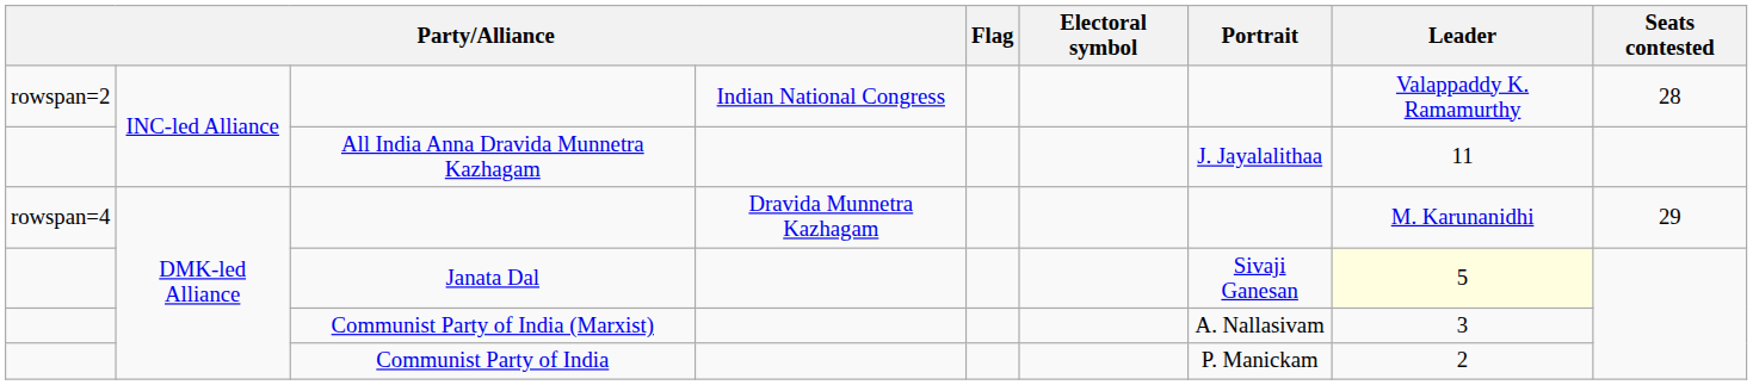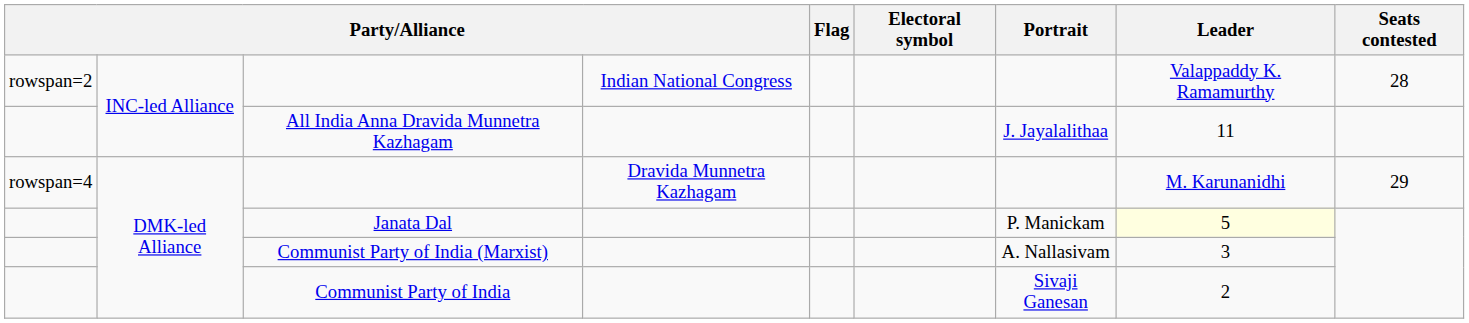 <table class="wikitable sortable" style="text-align:center;">
 <tr>
 <th colspan=4>Party/Alliance</th>
 <th>Flag</th>
 <th>Electoral symbol</th>
 <th>Portrait</th>
 <th>Leader</th>
 <th>Seats contested</th>
 </tr>
 <tr>
 <td>rowspan=2 </td>
 <td rowspan=2><a href='#'>INC-led Alliance</a></td>
 <td></td>
 <td><a href='#'>Indian National Congress</a></td>
 <td></td>
 <td></td>
 <td></td>
 <td><a href='#'>Valappaddy K. Ramamurthy</a></td>
 <td>28</td>
 </tr>
 <tr>
 <td></td>
 <td><a href='#'>All India Anna Dravida Munnetra Kazhagam</a></td>
 <td></td>
 <td></td>
 <td></td>
 <td><a href='#'>J. Jayalalithaa</a></td>
 <td>11</td>
 </tr>
 <tr>
 <td>rowspan=4 </td>
 <td rowspan=4><a href='#'>DMK-led Alliance</a></td>
 <td></td>
 <td><a href='#'>Dravida Munnetra Kazhagam</a></td>
 <td></td>
 <td></td>
 <td></td>
 <td><a href='#'>M. Karunanidhi</a></td>
 <td>29</td>
 </tr>
 <tr>
 <td></td>
 <td><a href='#'>Janata Dal</a></td>
 <td></td>
 <td></td>
 <td></td>
-<td><a href='#'>Sivaji Ganesan</a></td>
+<td>P. Manickam</td>
 <td style="background: lightyellow;">5</td>
 </tr>
 <tr>
 <td></td>
 <td><a href='#'>Communist Party of India (Marxist)</a></td>
 <td></td>
 <td></td>
 <td></td>
 <td>A. Nallasivam</td>
 <td>3</td>
 </tr>
 <tr>
 <td></td>
 <td><a href='#'>Communist Party of India</a></td>
 <td></td>
 <td></td>
 <td></td>
-<td>P. Manickam</td>
+<td><a href='#'>Sivaji Ganesan</a></td>
 <td>2</td>
 </tr>
 </table>
